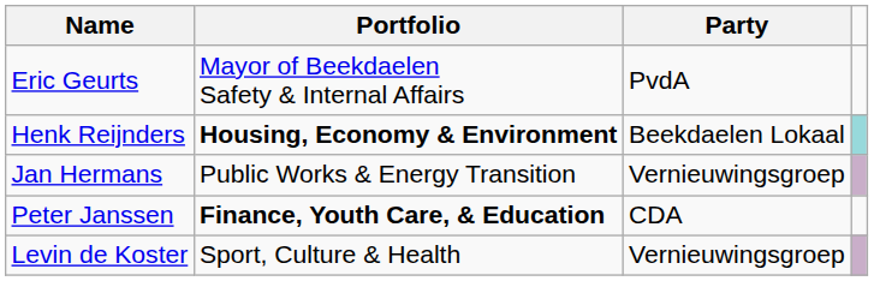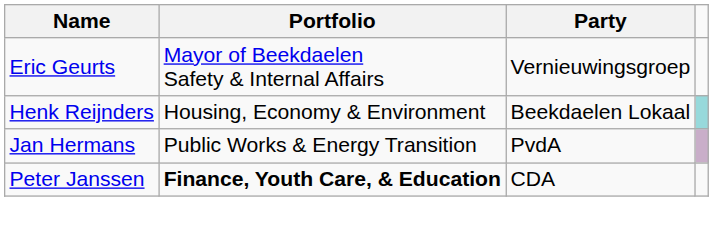 <table class="wikitable">
 <tr>
 <th>Name</th>
 <th>Portfolio</th>
 <th>Party</th>
 </tr>
 <tr>
 <td><a href='#'>Eric Geurts</a></td>
 <td><a href='#'>Mayor of Beekdaelen</a><br> Safety & Internal Affairs <br></td>
-<td>PvdA</td>
+<td>Vernieuwingsgroep</td>
 <td style="width: 3px" ;></td>
 </tr>
 <tr>
 <td><a href='#'>Henk Reijnders</a></td>
-<td><strong>Housing, Economy & Environment</strong></td>
+<td>Housing, Economy & Environment</td>
 <td>Beekdaelen Lokaal</td>
 <td style="width: 3px"; bgcolor="97D9DB"></td>
 </tr>
 <tr>
 <td><a href='#'>Jan Hermans</a></td>
 <td>Public Works & Energy Transition</td>
-<td>Vernieuwingsgroep</td>
+<td>PvdA</td>
 <td style="width: 3px"; bgcolor="C9AEC9"></td>
 </tr>
 <tr>
 <td><a href='#'>Peter Janssen</a></td>
 <td><strong>Finance, Youth Care, & Education</strong></td>
 <td>CDA</td>
 <td style="width: 3px" ;></td>
 </tr>
-<tr>
-<td><a href='#'>Levin de Koster</a></td>
-<td>Sport, Culture & Health</td>
-<td>Vernieuwingsgroep</td>
-<td style="width: 3px"; bgcolor="C9AEC9"></td>
-</tr>
 </table>
